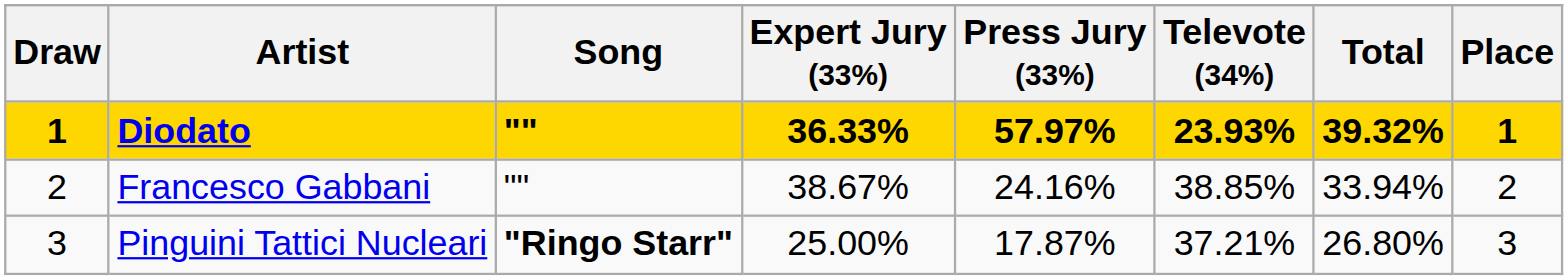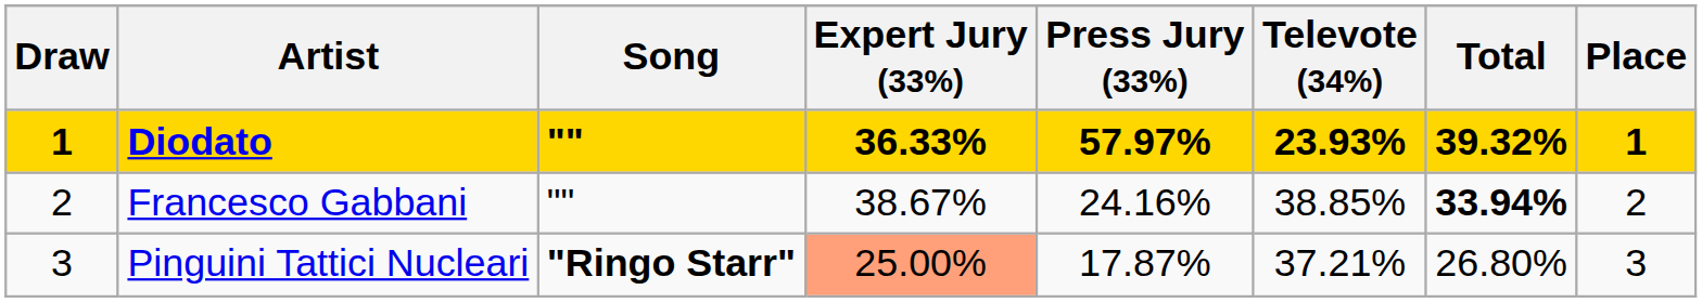 <table class="sortable wikitable" style="margin: 1em auto 1em auto; text-align:center">
 <tr>
 </tr>
 <tr>
 <th>Draw</th>
 <th>Artist</th>
 <th>Song</th>
 <th>Expert Jury<br><small>(33%)</small></th>
 <th>Press Jury<br><small>(33%)</small></th>
 <th>Televote<br><small>(34%)</small></th>
 <th>Total</th>
 <th>Place</th>
 </tr>
 <tr style="font-weight:bold; background:gold;">
 <td>1</td>
 <td align="left"><a href='#'>Diodato</a></td>
 <td align="left">""</td>
 <td>36.33%</td>
 <td>57.97%</td>
 <td>23.93%</td>
 <td>39.32%</td>
 <td>1</td>
 </tr>
 <tr>
 <td>2</td>
 <td align="left"><a href='#'>Francesco Gabbani</a></td>
 <td align="left">""</td>
 <td>38.67%</td>
 <td>24.16%</td>
 <td>38.85%</td>
-<td>33.94%</td>
+<td><strong>33.94%</strong></td>
 <td>2</td>
 </tr>
 <tr>
 <td>3</td>
 <td align="left"><a href='#'>Pinguini Tattici Nucleari</a></td>
 <td align="left"><strong>"Ringo Starr"</strong></td>
-<td>25.00%</td>
+<td style="background: lightsalmon;">25.00%</td>
 <td>17.87%</td>
 <td>37.21%</td>
 <td>26.80%</td>
 <td>3</td>
 </tr>
 </table>
